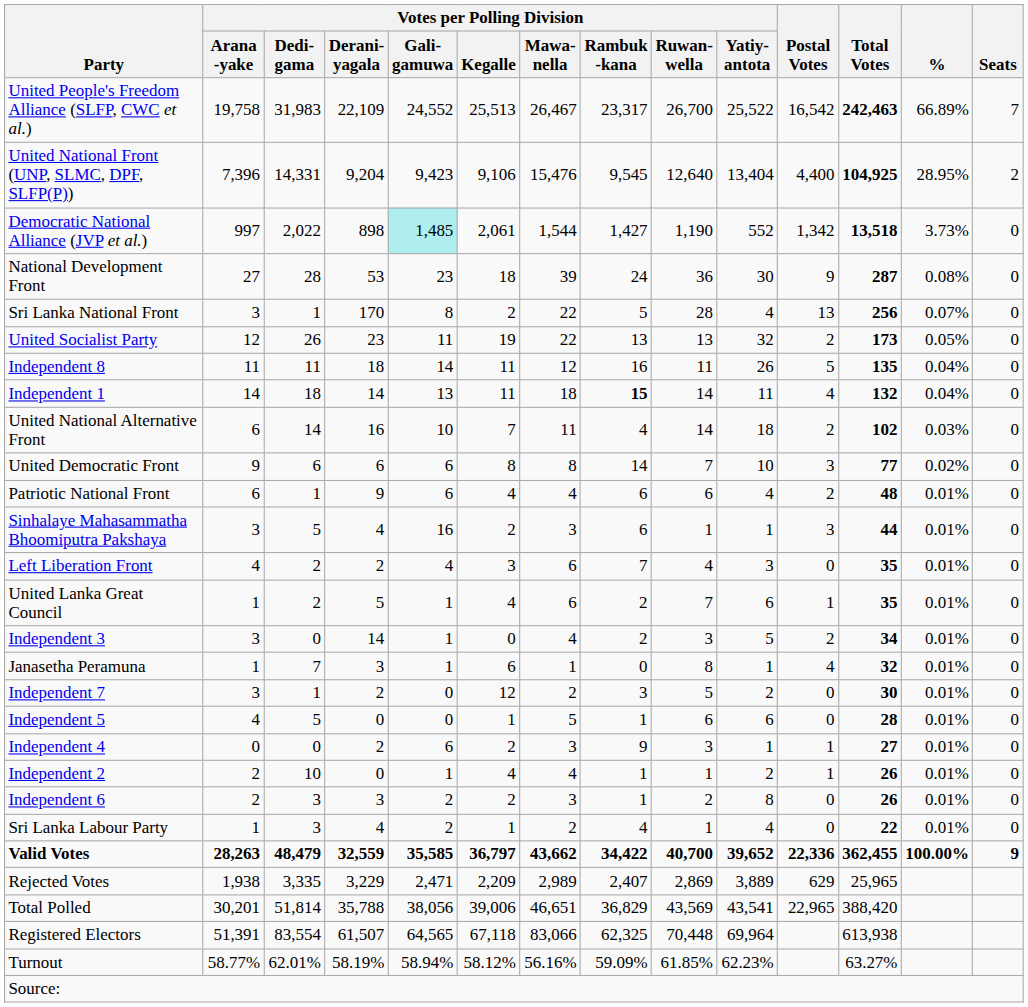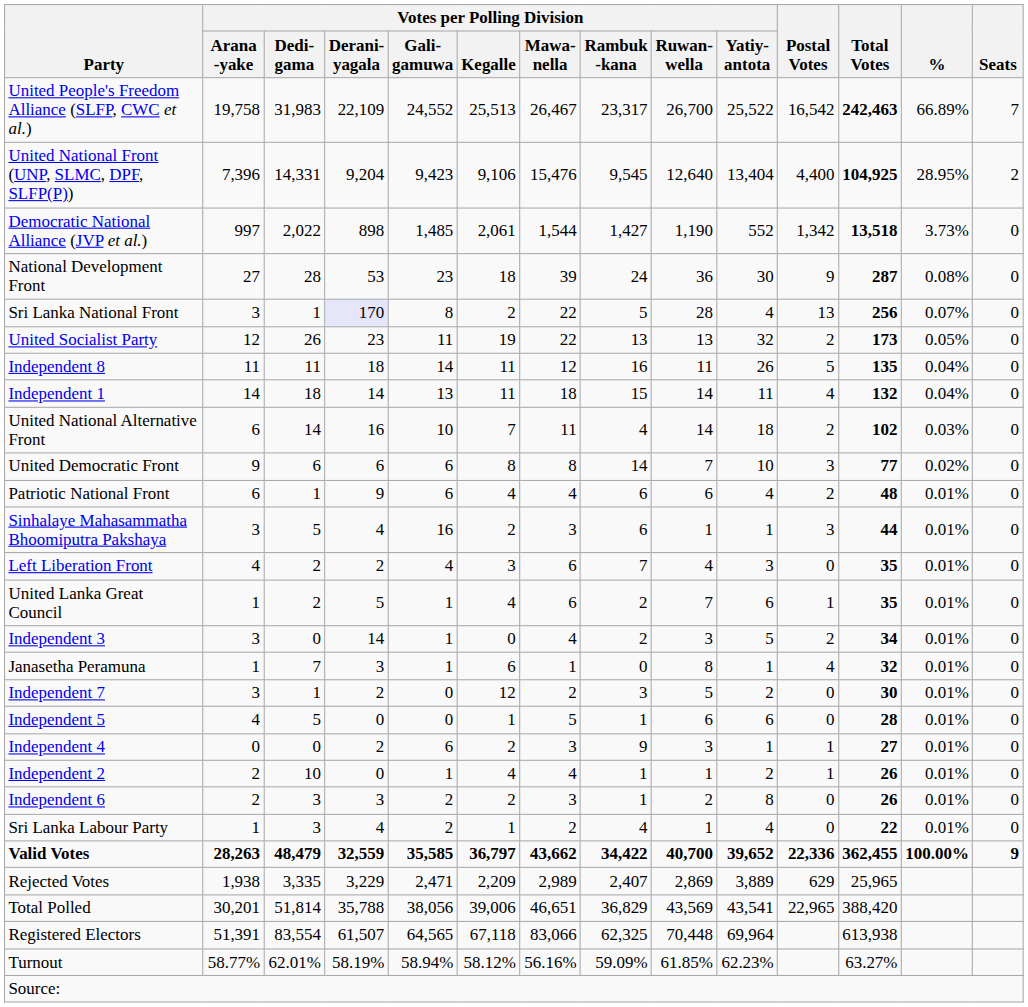 <table class="wikitable" border="1" style="text-align:right;">
 <tr>
 <th align=left valign=bottom rowspan=2 width="180">Party</th>
 <th colspan=9>Votes per Polling Division</th>
 <th align=center valign=bottom rowspan=2 width="50">Postal<br>Votes</th>
 <th align=center valign=bottom rowspan=2 width="50">Total Votes</th>
 <th align=center valign=bottom rowspan=2 width="50">%</th>
 <th align=center valign=bottom rowspan=2 width="40">Seats</th>
 </tr>
 <tr>
 <th align=center valign=bottom width="50">Arana<br>-yake</th>
 <th align=center valign=bottom width="50">Dedi-<br>gama</th>
 <th align=center valign=bottom width="50">Derani-<br>yagala</th>
 <th align=center valign=bottom width="50">Gali-<br>gamuwa</th>
 <th align=center valign=bottom width="50">Kegalle</th>
 <th align=center valign=bottom width="50">Mawa-<br>nella</th>
 <th align=center valign=bottom width="50">Rambuk<br>-kana</th>
 <th align=center valign=bottom width="50">Ruwan-<br>wella</th>
 <th align=center valign=bottom width="50">Yatiy-<br>antota</th>
 </tr>
 <tr>
 <td align=left><a href='#'>United People's Freedom Alliance</a> (<a href='#'>SLFP</a>, <a href='#'>CWC</a> <em>et al.</em>)</td>
 <td>19,758</td>
 <td>31,983</td>
 <td>22,109</td>
 <td>24,552</td>
 <td>25,513</td>
 <td>26,467</td>
 <td>23,317</td>
 <td>26,700</td>
 <td>25,522</td>
 <td>16,542</td>
 <td><strong>242,463</strong></td>
 <td>66.89%</td>
 <td>7</td>
 </tr>
 <tr>
 <td align=left><a href='#'>United National Front</a><br>(<a href='#'>UNP</a>, <a href='#'>SLMC</a>, <a href='#'>DPF</a>, <a href='#'>SLFP(P)</a>)</td>
 <td>7,396</td>
 <td>14,331</td>
 <td>9,204</td>
 <td>9,423</td>
 <td>9,106</td>
 <td>15,476</td>
 <td>9,545</td>
 <td>12,640</td>
 <td>13,404</td>
 <td>4,400</td>
 <td><strong>104,925</strong></td>
 <td>28.95%</td>
 <td>2</td>
 </tr>
 <tr>
 <td align=left><a href='#'>Democratic National Alliance</a> (<a href='#'>JVP</a> <em>et al.</em>)</td>
 <td>997</td>
 <td>2,022</td>
 <td>898</td>
-<td style="background: paleturquoise;">1,485</td>
+<td>1,485</td>
 <td>2,061</td>
 <td>1,544</td>
 <td>1,427</td>
 <td>1,190</td>
 <td>552</td>
 <td>1,342</td>
 <td><strong>13,518</strong></td>
 <td>3.73%</td>
 <td>0</td>
 </tr>
 <tr>
 <td align=left>National Development Front</td>
 <td>27</td>
 <td>28</td>
 <td>53</td>
 <td>23</td>
 <td>18</td>
 <td>39</td>
 <td>24</td>
 <td>36</td>
 <td>30</td>
 <td>9</td>
 <td><strong>287</strong></td>
 <td>0.08%</td>
 <td>0</td>
 </tr>
 <tr>
 <td align=left>Sri Lanka National Front</td>
 <td>3</td>
 <td>1</td>
-<td>170</td>
+<td style="background: lavender;">170</td>
 <td>8</td>
 <td>2</td>
 <td>22</td>
 <td>5</td>
 <td>28</td>
 <td>4</td>
 <td>13</td>
 <td><strong>256</strong></td>
 <td>0.07%</td>
 <td>0</td>
 </tr>
 <tr>
 <td align=left><a href='#'>United Socialist Party</a></td>
 <td>12</td>
 <td>26</td>
 <td>23</td>
 <td>11</td>
 <td>19</td>
 <td>22</td>
 <td>13</td>
 <td>13</td>
 <td>32</td>
 <td>2</td>
 <td><strong>173</strong></td>
 <td>0.05%</td>
 <td>0</td>
 </tr>
 <tr>
 <td align=left><a href='#'>Independent 8</a></td>
 <td>11</td>
 <td>11</td>
 <td>18</td>
 <td>14</td>
 <td>11</td>
 <td>12</td>
 <td>16</td>
 <td>11</td>
 <td>26</td>
 <td>5</td>
 <td><strong>135</strong></td>
 <td>0.04%</td>
 <td>0</td>
 </tr>
 <tr>
 <td align=left><a href='#'>Independent 1</a></td>
 <td>14</td>
 <td>18</td>
 <td>14</td>
 <td>13</td>
 <td>11</td>
 <td>18</td>
-<td><strong>15</strong></td>
+<td>15</td>
 <td>14</td>
 <td>11</td>
 <td>4</td>
 <td><strong>132</strong></td>
 <td>0.04%</td>
 <td>0</td>
 </tr>
 <tr>
 <td align=left>United National Alternative Front</td>
 <td>6</td>
 <td>14</td>
 <td>16</td>
 <td>10</td>
 <td>7</td>
 <td>11</td>
 <td>4</td>
 <td>14</td>
 <td>18</td>
 <td>2</td>
 <td><strong>102</strong></td>
 <td>0.03%</td>
 <td>0</td>
 </tr>
 <tr>
 <td align=left>United Democratic Front</td>
 <td>9</td>
 <td>6</td>
 <td>6</td>
 <td>6</td>
 <td>8</td>
 <td>8</td>
 <td>14</td>
 <td>7</td>
 <td>10</td>
 <td>3</td>
 <td><strong>77</strong></td>
 <td>0.02%</td>
 <td>0</td>
 </tr>
 <tr>
 <td align=left>Patriotic National Front</td>
 <td>6</td>
 <td>1</td>
 <td>9</td>
 <td>6</td>
 <td>4</td>
 <td>4</td>
 <td>6</td>
 <td>6</td>
 <td>4</td>
 <td>2</td>
 <td><strong>48</strong></td>
 <td>0.01%</td>
 <td>0</td>
 </tr>
 <tr>
 <td align=left><a href='#'>Sinhalaye Mahasammatha Bhoomiputra Pakshaya</a></td>
 <td>3</td>
 <td>5</td>
 <td>4</td>
 <td>16</td>
 <td>2</td>
 <td>3</td>
 <td>6</td>
 <td>1</td>
 <td>1</td>
 <td>3</td>
 <td><strong>44</strong></td>
 <td>0.01%</td>
 <td>0</td>
 </tr>
 <tr>
 <td align=left><a href='#'>Left Liberation Front</a></td>
 <td>4</td>
 <td>2</td>
 <td>2</td>
 <td>4</td>
 <td>3</td>
 <td>6</td>
 <td>7</td>
 <td>4</td>
 <td>3</td>
 <td>0</td>
 <td><strong>35</strong></td>
 <td>0.01%</td>
 <td>0</td>
 </tr>
 <tr>
 <td align=left>United Lanka Great Council</td>
 <td>1</td>
 <td>2</td>
 <td>5</td>
 <td>1</td>
 <td>4</td>
 <td>6</td>
 <td>2</td>
 <td>7</td>
 <td>6</td>
 <td>1</td>
 <td><strong>35</strong></td>
 <td>0.01%</td>
 <td>0</td>
 </tr>
 <tr>
 <td align=left><a href='#'>Independent 3</a></td>
 <td>3</td>
 <td>0</td>
 <td>14</td>
 <td>1</td>
 <td>0</td>
 <td>4</td>
 <td>2</td>
 <td>3</td>
 <td>5</td>
 <td>2</td>
 <td><strong>34</strong></td>
 <td>0.01%</td>
 <td>0</td>
 </tr>
 <tr>
 <td align=left>Janasetha Peramuna</td>
 <td>1</td>
 <td>7</td>
 <td>3</td>
 <td>1</td>
 <td>6</td>
 <td>1</td>
 <td>0</td>
 <td>8</td>
 <td>1</td>
 <td>4</td>
 <td><strong>32</strong></td>
 <td>0.01%</td>
 <td>0</td>
 </tr>
 <tr>
 <td align=left><a href='#'>Independent 7</a></td>
 <td>3</td>
 <td>1</td>
 <td>2</td>
 <td>0</td>
 <td>12</td>
 <td>2</td>
 <td>3</td>
 <td>5</td>
 <td>2</td>
 <td>0</td>
 <td><strong>30</strong></td>
 <td>0.01%</td>
 <td>0</td>
 </tr>
 <tr>
 <td align=left><a href='#'>Independent 5</a></td>
 <td>4</td>
 <td>5</td>
 <td>0</td>
 <td>0</td>
 <td>1</td>
 <td>5</td>
 <td>1</td>
 <td>6</td>
 <td>6</td>
 <td>0</td>
 <td><strong>28</strong></td>
 <td>0.01%</td>
 <td>0</td>
 </tr>
 <tr>
 <td align=left><a href='#'>Independent 4</a></td>
 <td>0</td>
 <td>0</td>
 <td>2</td>
 <td>6</td>
 <td>2</td>
 <td>3</td>
 <td>9</td>
 <td>3</td>
 <td>1</td>
 <td>1</td>
 <td><strong>27</strong></td>
 <td>0.01%</td>
 <td>0</td>
 </tr>
 <tr>
 <td align=left><a href='#'>Independent 2</a></td>
 <td>2</td>
 <td>10</td>
 <td>0</td>
 <td>1</td>
 <td>4</td>
 <td>4</td>
 <td>1</td>
 <td>1</td>
 <td>2</td>
 <td>1</td>
 <td><strong>26</strong></td>
 <td>0.01%</td>
 <td>0</td>
 </tr>
 <tr>
 <td align=left><a href='#'>Independent 6</a></td>
 <td>2</td>
 <td>3</td>
 <td>3</td>
 <td>2</td>
 <td>2</td>
 <td>3</td>
 <td>1</td>
 <td>2</td>
 <td>8</td>
 <td>0</td>
 <td><strong>26</strong></td>
 <td>0.01%</td>
 <td>0</td>
 </tr>
 <tr>
 <td align=left>Sri Lanka Labour Party</td>
 <td>1</td>
 <td>3</td>
 <td>4</td>
 <td>2</td>
 <td>1</td>
 <td>2</td>
 <td>4</td>
 <td>1</td>
 <td>4</td>
 <td>0</td>
 <td><strong>22</strong></td>
 <td>0.01%</td>
 <td>0</td>
 </tr>
 <tr>
 <td align=left><strong>Valid Votes</strong></td>
 <td><strong>28,263</strong></td>
 <td><strong>48,479</strong></td>
 <td><strong>32,559</strong></td>
 <td><strong>35,585</strong></td>
 <td><strong>36,797</strong></td>
 <td><strong>43,662</strong></td>
 <td><strong>34,422</strong></td>
 <td><strong>40,700</strong></td>
 <td><strong>39,652</strong></td>
 <td><strong>22,336</strong></td>
 <td><strong>362,455</strong></td>
 <td><strong>100.00%</strong></td>
 <td><strong>9</strong></td>
 </tr>
 <tr>
 <td align=left>Rejected Votes</td>
 <td>1,938</td>
 <td>3,335</td>
 <td>3,229</td>
 <td>2,471</td>
 <td>2,209</td>
 <td>2,989</td>
 <td>2,407</td>
 <td>2,869</td>
 <td>3,889</td>
 <td>629</td>
 <td>25,965</td>
 <td></td>
 <td></td>
 </tr>
 <tr>
 <td align=left>Total Polled</td>
 <td>30,201</td>
 <td>51,814</td>
 <td>35,788</td>
 <td>38,056</td>
 <td>39,006</td>
 <td>46,651</td>
 <td>36,829</td>
 <td>43,569</td>
 <td>43,541</td>
 <td>22,965</td>
 <td>388,420</td>
 <td></td>
 <td></td>
 </tr>
 <tr>
 <td align=left>Registered Electors</td>
 <td>51,391</td>
 <td>83,554</td>
 <td>61,507</td>
 <td>64,565</td>
 <td>67,118</td>
 <td>83,066</td>
 <td>62,325</td>
 <td>70,448</td>
 <td>69,964</td>
 <td></td>
 <td>613,938</td>
 <td></td>
 <td></td>
 </tr>
 <tr>
 <td align=left>Turnout</td>
 <td>58.77%</td>
 <td>62.01%</td>
 <td>58.19%</td>
 <td>58.94%</td>
 <td>58.12%</td>
 <td>56.16%</td>
 <td>59.09%</td>
 <td>61.85%</td>
 <td>62.23%</td>
 <td></td>
 <td>63.27%</td>
 <td></td>
 <td></td>
 </tr>
 <tr>
 <td align=left colspan=15>Source:</td>
 </tr>
 </table>
